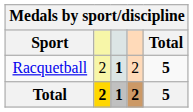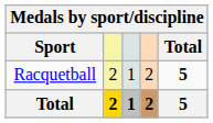 <table class="wikitable" style=font-size:85%;float:right;text-align:center>
 <tr>
 <th colspan=5>Medals by sport/discipline</th>
 </tr>
 <tr>
 <th>Sport</th>
 <td bgcolor=F7F6A8></td>
 <td bgcolor=DCE5E5></td>
 <td bgcolor=FFDAB9></td>
 <th>Total</th>
 </tr>
 <tr>
 <td><a href='#'>Racquetball</a></td>
 <td bgcolor=F7F6A8>2</td>
-<td bgcolor=DCE5E5><strong>1</strong></td>
+<td bgcolor=DCE5E5>1</td>
 <td bgcolor=FFDAB9>2</td>
 <td><strong>5</strong></td>
 </tr>
 <tr>
 <th>Total</th>
 <th style=background:gold>2</th>
 <th style=background:silver>1</th>
 <th style=background:#c96>2</th>
 <th>5</th>
 </tr>
 </table>
